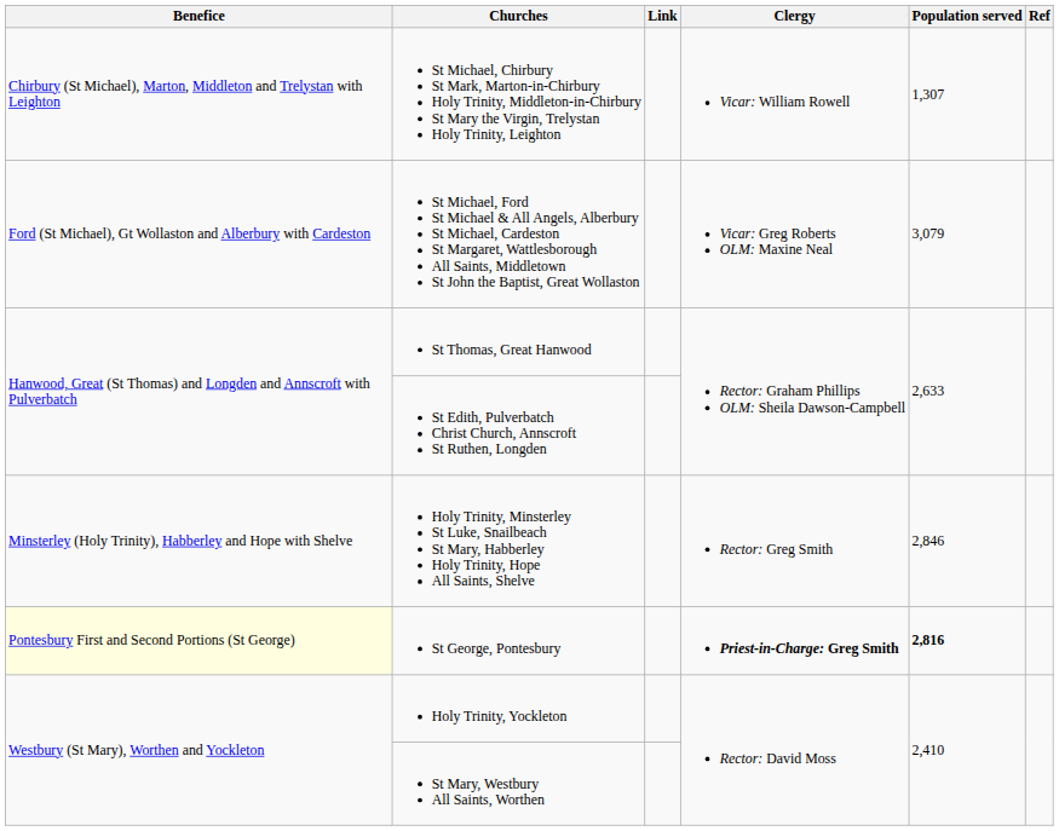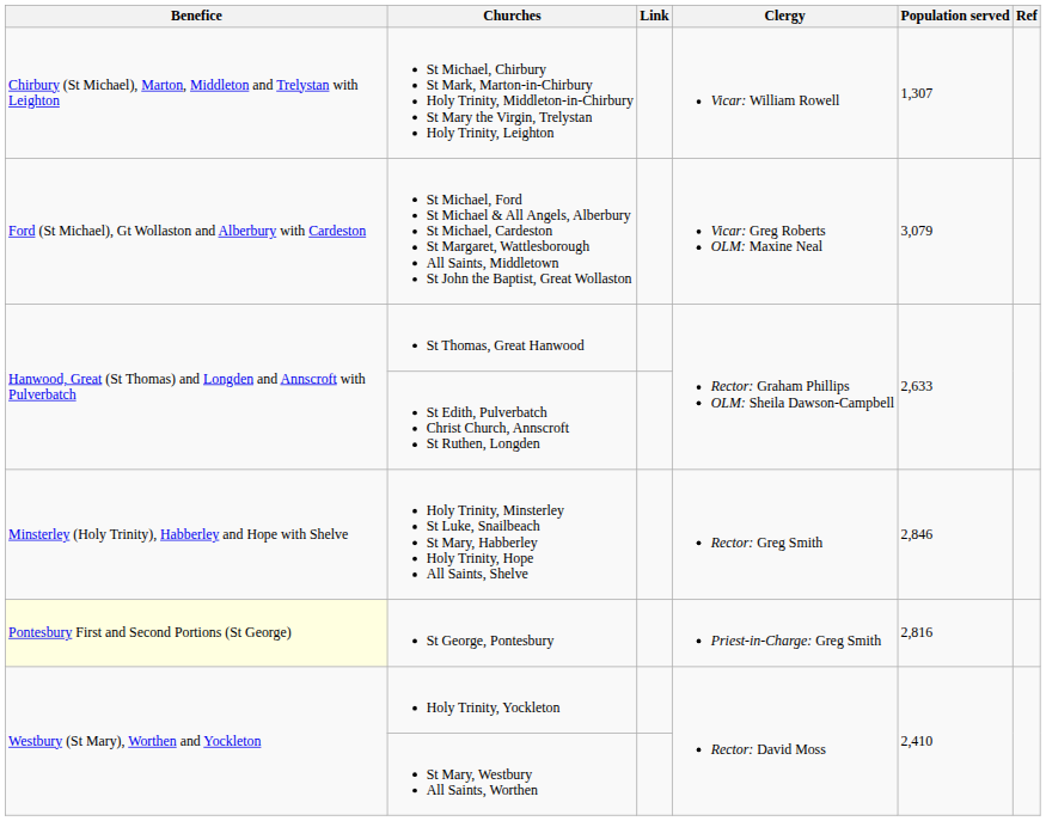 <table class="wikitable">
 <tr>
 <th width="425">Benefice</th>
 <th>Churches</th>
 <th>Link</th>
 <th>Clergy</th>
 <th>Population served</th>
 <th>Ref</th>
 </tr>
 <tr>
 <td><a href='#'>Chirbury</a> (St Michael), <a href='#'>Marton</a>, <a href='#'>Middleton</a> and <a href='#'>Trelystan</a> with <a href='#'>Leighton</a></td>
 <td><br><ul><li>St Michael, Chirbury</li><li>St Mark, Marton-in-Chirbury</li><li>Holy Trinity, Middleton-in-Chirbury</li><li>St Mary the Virgin, Trelystan</li><li>Holy Trinity, Leighton</li></ul></td>
 <td></td>
 <td><br><ul><li><em>Vicar:</em> William Rowell</li></ul></td>
 <td>1,307</td>
 <td></td>
 </tr>
 <tr>
 <td><a href='#'>Ford</a> (St Michael), Gt Wollaston and <a href='#'>Alberbury</a> with <a href='#'>Cardeston</a></td>
 <td><br><ul><li>St Michael, Ford</li><li>St Michael & All Angels, Alberbury</li><li>St Michael, Cardeston</li><li>St Margaret, Wattlesborough</li><li>All Saints, Middletown</li><li>St John the Baptist, Great Wollaston</li></ul></td>
 <td></td>
 <td><br><ul><li><em>Vicar:</em> Greg Roberts</li><li><em>OLM:</em> Maxine Neal</li></ul></td>
 <td>3,079</td>
 <td></td>
 </tr>
 <tr>
 <td rowspan="2"><a href='#'>Hanwood, Great</a> (St Thomas) and <a href='#'>Longden</a> and <a href='#'>Annscroft</a> with <a href='#'>Pulverbatch</a></td>
 <td><br><ul><li>St Thomas, Great Hanwood</li></ul></td>
 <td></td>
 <td rowspan="2"><br><ul><li><em>Rector:</em> Graham Phillips</li><li><em>OLM:</em> Sheila Dawson-Campbell</li></ul></td>
 <td rowspan="2">2,633</td>
 <td rowspan="2"></td>
 </tr>
 <tr>
 <td><br><ul><li>St Edith, Pulverbatch</li><li>Christ Church, Annscroft</li><li>St Ruthen, Longden</li></ul></td>
 <td></td>
 </tr>
 <tr>
 <td><a href='#'>Minsterley</a> (Holy Trinity), <a href='#'>Habberley</a> and Hope with Shelve</td>
 <td><br><ul><li>Holy Trinity, Minsterley</li><li>St Luke, Snailbeach</li><li>St Mary, Habberley</li><li>Holy Trinity, Hope</li><li>All Saints, Shelve</li></ul></td>
 <td></td>
 <td><br><ul><li><em>Rector:</em> Greg Smith</li></ul></td>
 <td>2,846</td>
 <td></td>
 </tr>
 <tr>
 <td style="background: lightyellow;"><a href='#'>Pontesbury</a> First and Second Portions (St George)</td>
 <td><br><ul><li>St George, Pontesbury</li></ul></td>
 <td></td>
-<td><strong><br><ul><li><em>Priest-in-Charge:</em> Greg Smith</li></ul></strong></td>
-<td><strong>2,816</strong></td>
+<td><br><ul><li><em>Priest-in-Charge:</em> Greg Smith</li></ul></td>
+<td>2,816</td>
 <td></td>
 </tr>
 <tr>
 <td rowspan="2"><a href='#'>Westbury</a> (St Mary), <a href='#'>Worthen</a> and <a href='#'>Yockleton</a></td>
 <td><br><ul><li>Holy Trinity, Yockleton</li></ul></td>
 <td></td>
 <td rowspan="2"><br><ul><li><em>Rector:</em> David Moss</li></ul></td>
 <td rowspan="2">2,410</td>
 <td rowspan="2"></td>
 </tr>
 <tr>
 <td><br><ul><li>St Mary, Westbury</li><li>All Saints, Worthen</li></ul></td>
 <td></td>
 </tr>
 </table>
